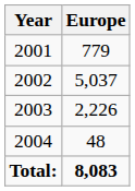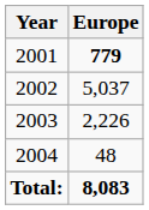 <table class="wikitable sortable" style="text-align: center;">
 <tr>
 <th>Year</th>
 <th>Europe</th>
 </tr>
 <tr>
 <td>2001</td>
-<td>779</td>
+<td><strong>779</strong></td>
 </tr>
 <tr>
 <td>2002</td>
 <td>5,037</td>
 </tr>
 <tr>
 <td>2003</td>
 <td>2,226</td>
 </tr>
 <tr>
 <td>2004</td>
 <td>48</td>
 </tr>
 <tr>
 <td><strong>Total:</strong></td>
 <td><strong>8,083</strong></td>
 </tr>
 </table>
